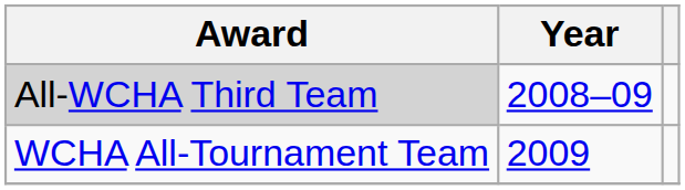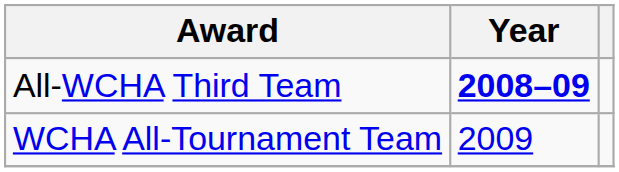 <table class="wikitable">
 <tr>
 <th>Award</th>
 <th>Year</th>
 <th></th>
 </tr>
 <tr>
-<td style="background: lightgrey;">All-<a href='#'>WCHA</a> <a href='#'>Third Team</a></td>
-<td><a href='#'>2008–09</a></td>
+<td>All-<a href='#'>WCHA</a> <a href='#'>Third Team</a></td>
+<td><strong><a href='#'>2008–09</a></strong></td>
 <td></td>
 </tr>
 <tr>
 <td><a href='#'>WCHA</a> <a href='#'>All-Tournament Team</a></td>
 <td><a href='#'>2009</a></td>
 <td></td>
 </tr>
 <tr>
 </tr>
 </table>
